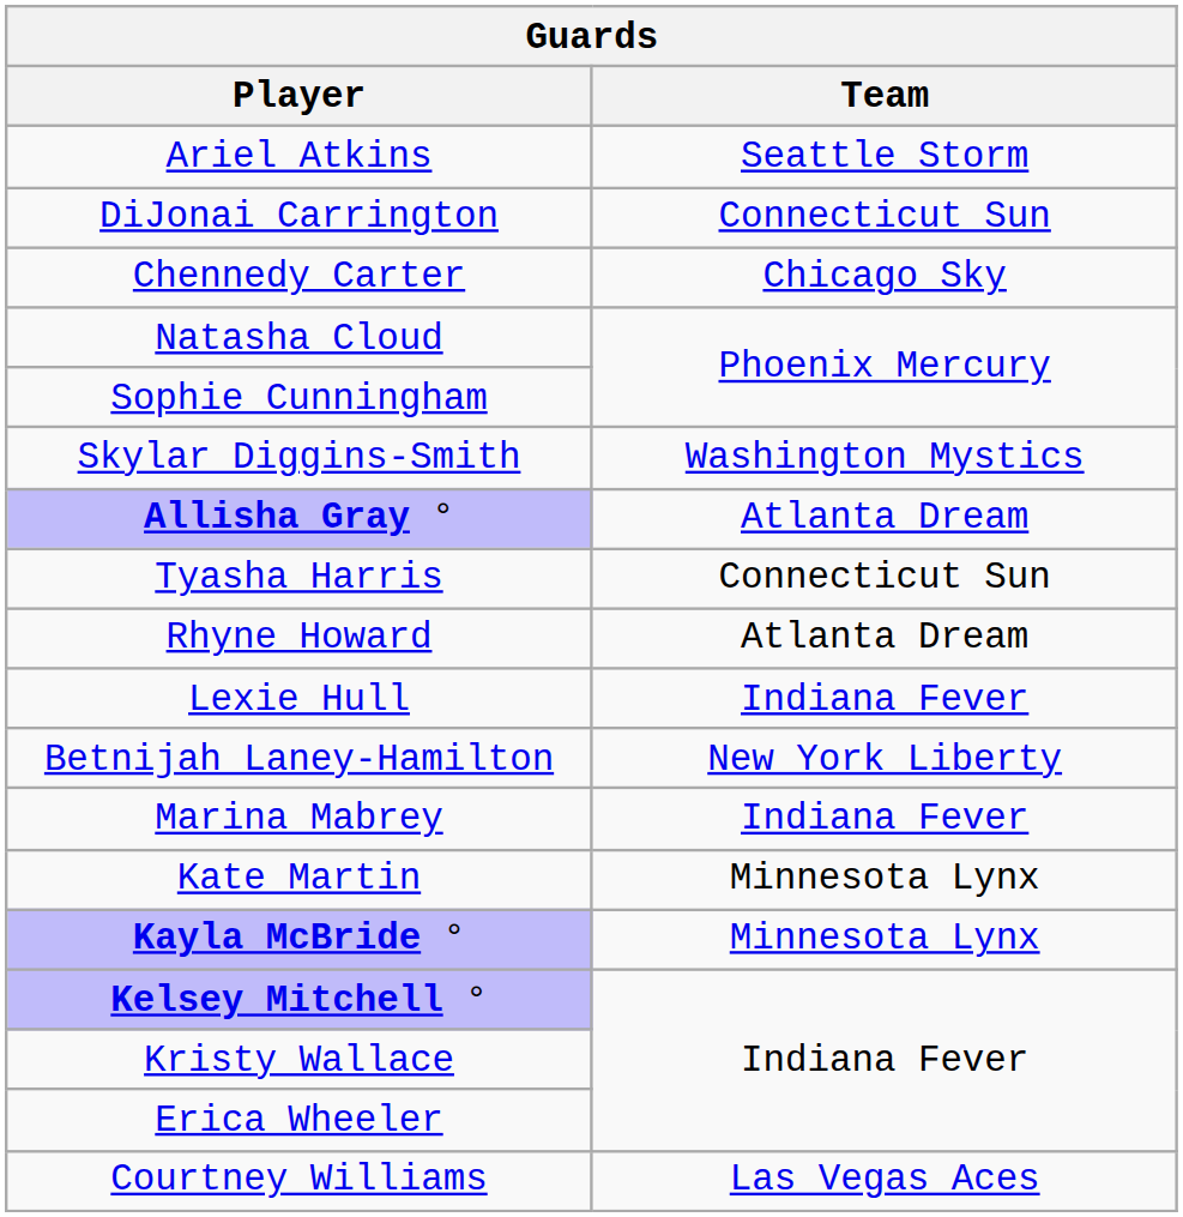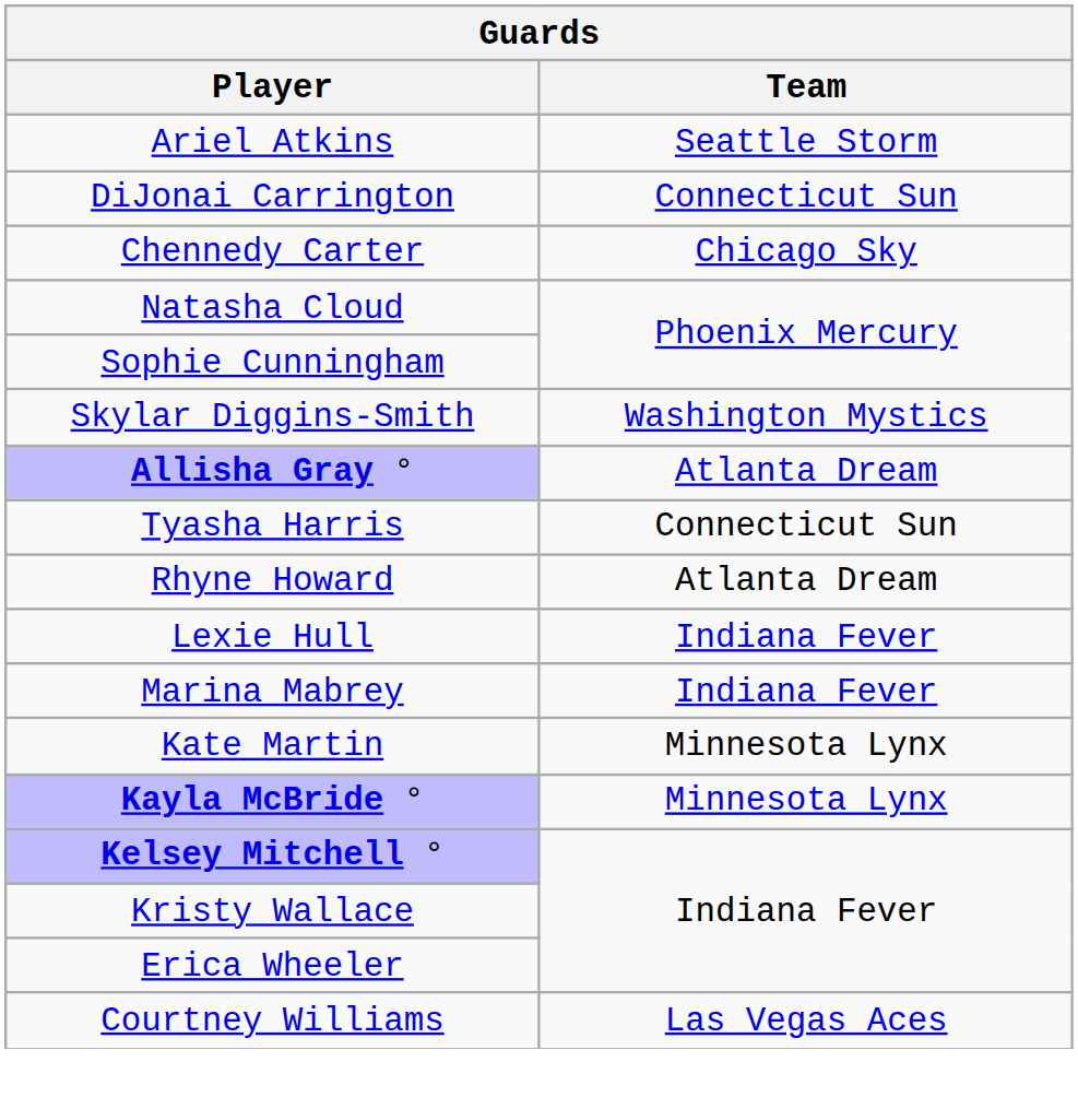 <table class="wikitable sortable" style="text-align:center">
 <tr>
 <th scope="col" colspan=2>Guards</th>
 </tr>
 <tr>
 <th scope="col" width="200px">Player</th>
 <th scope="col" width="200px">Team</th>
 </tr>
 <tr>
 <td><a href='#'>Ariel Atkins</a></td>
 <td><a href='#'>Seattle Storm</a></td>
 </tr>
 <tr>
 <td><a href='#'>DiJonai Carrington</a></td>
 <td><a href='#'>Connecticut Sun</a></td>
 </tr>
 <tr>
 <td><a href='#'>Chennedy Carter</a></td>
 <td><a href='#'>Chicago Sky</a></td>
 </tr>
 <tr>
 <td><a href='#'>Natasha Cloud</a></td>
 <td rowspan=2><a href='#'>Phoenix Mercury</a></td>
 </tr>
 <tr>
 <td><a href='#'>Sophie Cunningham</a></td>
 </tr>
 <tr>
 <td><a href='#'>Skylar Diggins-Smith</a></td>
 <td><a href='#'>Washington Mystics</a></td>
 </tr>
 <tr>
 <td style="background:#c0bbfa;"><strong><a href='#'>Allisha Gray</a></strong> °</td>
 <td><a href='#'>Atlanta Dream</a></td>
 </tr>
 <tr>
 <td><a href='#'>Tyasha Harris</a></td>
 <td>Connecticut Sun</td>
 </tr>
 <tr>
 <td><a href='#'>Rhyne Howard</a></td>
 <td>Atlanta Dream</td>
 </tr>
 <tr>
 <td><a href='#'>Lexie Hull</a></td>
 <td><a href='#'>Indiana Fever</a></td>
 </tr>
 <tr>
-<td><a href='#'> Betnijah Laney-Hamilton</a></td>
-<td><a href='#'>New York Liberty</a></td>
-</tr>
-<tr>
 <td><a href='#'>Marina Mabrey</a></td>
 <td><a href='#'>Indiana Fever</a></td>
 </tr>
 <tr>
 <td><a href='#'>Kate Martin</a></td>
 <td>Minnesota Lynx</td>
 </tr>
 <tr>
 <td style="background:#c0bbfa;"><strong><a href='#'>Kayla McBride</a></strong> °</td>
 <td><a href='#'>Minnesota Lynx</a></td>
 </tr>
 <tr>
 <td style="background:#c0bbfa;"><strong><a href='#'>Kelsey Mitchell</a></strong> °</td>
 <td rowspan=3>Indiana Fever</td>
 </tr>
 <tr>
 <td><a href='#'>Kristy Wallace</a></td>
 </tr>
 <tr>
 <td><a href='#'>Erica Wheeler</a></td>
 </tr>
 <tr>
 <td><a href='#'>Courtney Williams</a></td>
 <td><a href='#'>Las Vegas Aces</a></td>
 </tr>
 </table>
